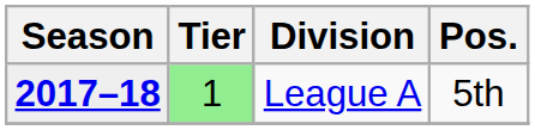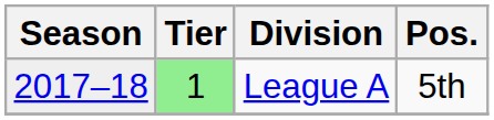 <table class="wikitable" style="font-size:85%; text-align:center">
 <tr>
 <th>Season</th>
 <th>Tier</th>
 <th>Division</th>
 <th>Pos.</th>
 </tr>
 <tr>
-<td bgcolor=#efefef><strong><a href='#'>2017–18</a></strong></td>
+<td bgcolor=#efefef><a href='#'>2017–18</a></td>
 <td style="background: lightgreen;">1</td>
 <td align=left><a href='#'>League A</a></td>
 <td>5th</td>
 </tr>
 <tr>
 </tr>
 </table>
